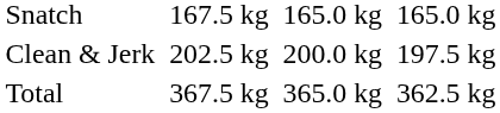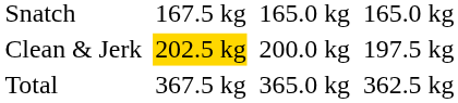 <table>
 <tr>
 <td>Snatch</td>
 <td></td>
 <td>167.5 kg</td>
 <td></td>
 <td>165.0 kg</td>
 <td></td>
 <td>165.0 kg</td>
 </tr>
 <tr>
 <td>Clean & Jerk</td>
 <td></td>
-<td>202.5 kg</td>
+<td style="background: gold;">202.5 kg</td>
 <td></td>
 <td>200.0 kg</td>
 <td></td>
 <td>197.5 kg</td>
 </tr>
 <tr>
 <td>Total</td>
 <td></td>
 <td>367.5 kg</td>
 <td></td>
 <td>365.0 kg</td>
 <td></td>
 <td>362.5 kg</td>
 </tr>
 </table>
